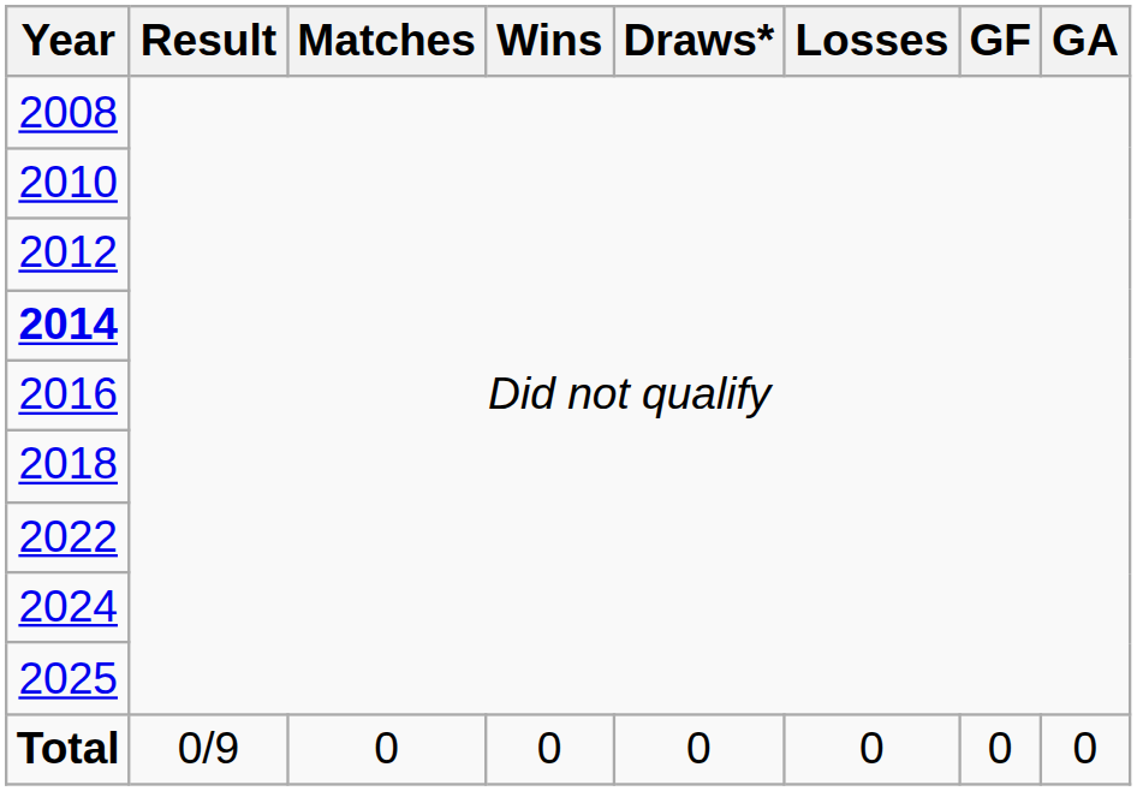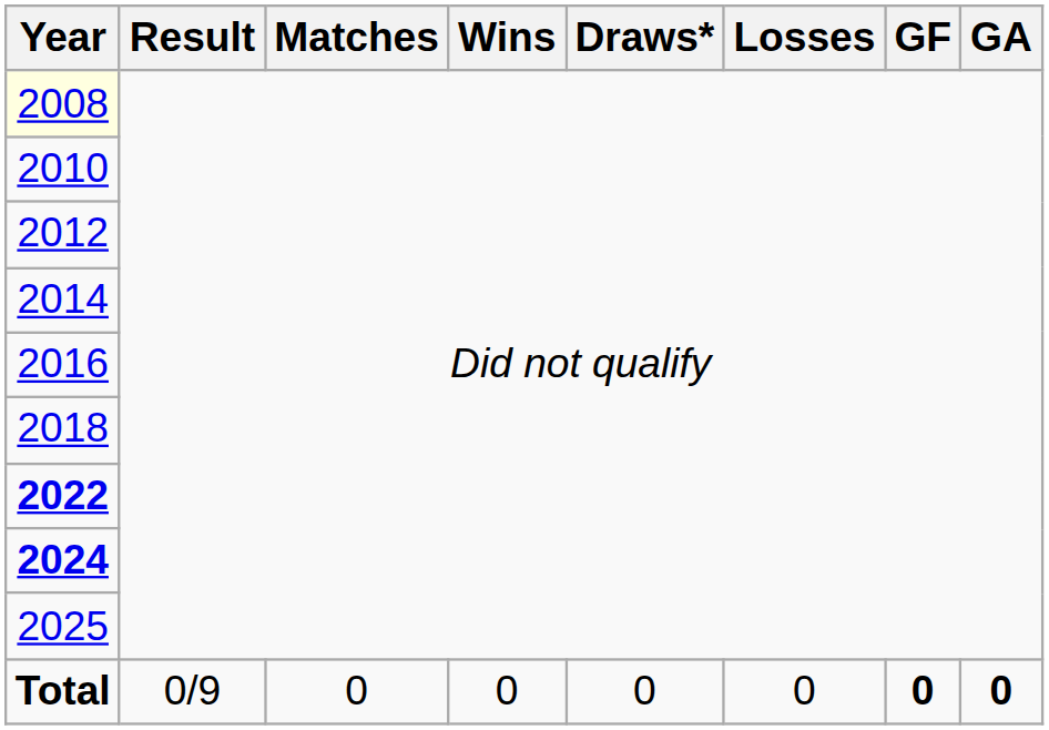 <table class="wikitable" style="text-align: center;">
 <tr>
 <th>Year</th>
 <th>Result</th>
 <th>Matches</th>
 <th>Wins</th>
 <th>Draws*</th>
 <th>Losses</th>
 <th>GF</th>
 <th>GA</th>
 </tr>
 <tr>
-<td> <a href='#'>2008</a></td>
+<td style="background: lightyellow;"> <a href='#'>2008</a></td>
 <td colspan="7" rowspan="9"><em>Did not qualify</em></td>
 </tr>
 <tr>
 <td> <a href='#'>2010</a></td>
 </tr>
 <tr>
 <td> <a href='#'>2012</a></td>
 </tr>
 <tr>
-<td><strong> <a href='#'>2014</a></strong></td>
+<td> <a href='#'>2014</a></td>
 </tr>
 <tr>
 <td> <a href='#'>2016</a></td>
 </tr>
 <tr>
 <td> <a href='#'>2018</a></td>
 </tr>
 <tr>
-<td> <a href='#'>2022</a></td>
+<td><strong> <a href='#'>2022</a></strong></td>
 </tr>
 <tr>
-<td> <a href='#'>2024</a></td>
+<td><strong> <a href='#'>2024</a></strong></td>
 </tr>
 <tr>
 <td> <a href='#'>2025</a></td>
 </tr>
 <tr>
 <td><strong>Total</strong></td>
 <td>0/9</td>
 <td>0</td>
 <td>0</td>
 <td>0</td>
 <td>0</td>
-<td>0</td>
-<td>0</td>
+<td><strong>0</strong></td>
+<td><strong>0</strong></td>
 </tr>
 </table>
